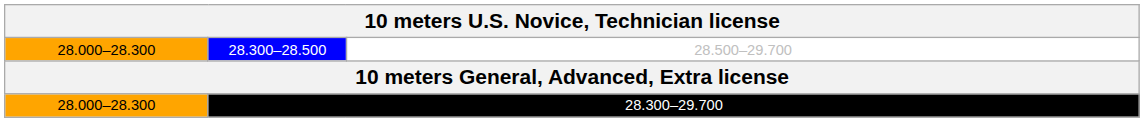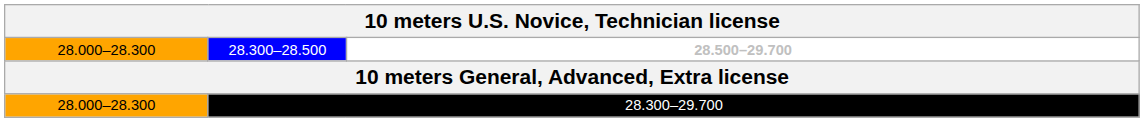 <table class="wikitable">
 <tr>
 <th colspan=3>10 meters   U.S. Novice, Technician license</th>
 </tr>
 <tr align=center style="font-size:70%">
 <td width=150px style="background-color:orange;">28.000–28.300</td>
 <td width=100px style="background-color:blue;color:white;">28.300–28.500</td>
-<td width=600px style="background-color:white;color:silver">28.500–29.700</td>
+<td width=600px style="background-color:white;color:silver"><strong>28.500–29.700</strong></td>
 </tr>
 <tr>
 <th colspan=3>10 meters   General, Advanced, Extra license</th>
 </tr>
 <tr align=center style="font-size:70%">
 <td width=150px style="background-color:orange;">28.000–28.300</td>
 <td width=700px style="background-color:black;color:white;" colspan=2>28.300–29.700</td>
 </tr>
 </table>
